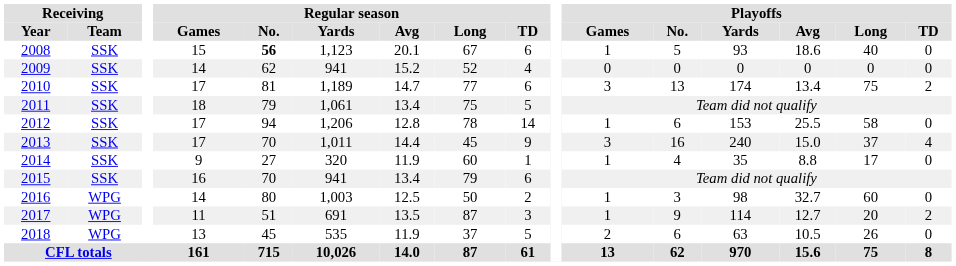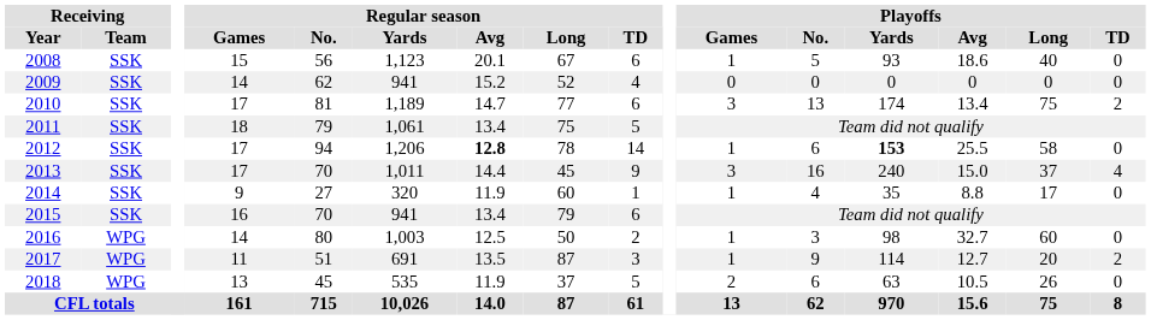 <table BORDER="0" CELLPADDING="1" CELLSPACING="0" width="65%" style="text-align:center">
 <tr bgcolor="#e0e0e0">
 <th colspan="2">Receiving</th>
 <th rowspan="99" bgcolor="#ffffff"> </th>
 <th colspan="6">Regular season</th>
 <th rowspan="99" bgcolor="#ffffff"> </th>
 <th colspan="6">Playoffs</th>
 </tr>
 <tr bgcolor="#e0e0e0">
 <th>Year</th>
 <th>Team</th>
 <th>Games</th>
 <th>No.</th>
 <th>Yards</th>
 <th>Avg</th>
 <th>Long</th>
 <th>TD</th>
 <th>Games</th>
 <th>No.</th>
 <th>Yards</th>
 <th>Avg</th>
 <th>Long</th>
 <th>TD</th>
 </tr>
 <tr ALIGN="center">
 <td><a href='#'>2008</a></td>
 <td><a href='#'>SSK</a></td>
 <td>15</td>
-<td><strong>56</strong></td>
+<td>56</td>
 <td>1,123</td>
 <td>20.1</td>
 <td>67</td>
 <td>6</td>
 <td>1</td>
 <td>5</td>
 <td>93</td>
 <td>18.6</td>
 <td>40</td>
 <td>0</td>
 </tr>
 <tr ALIGN="center" bgcolor="#f0f0f0">
 <td><a href='#'>2009</a></td>
 <td><a href='#'>SSK</a></td>
 <td>14</td>
 <td>62</td>
 <td>941</td>
 <td>15.2</td>
 <td>52</td>
 <td>4</td>
 <td>0</td>
 <td>0</td>
 <td>0</td>
 <td>0</td>
 <td>0</td>
 <td>0</td>
 </tr>
 <tr ALIGN="center">
 <td><a href='#'>2010</a></td>
 <td><a href='#'>SSK</a></td>
 <td>17</td>
 <td>81</td>
 <td>1,189</td>
 <td>14.7</td>
 <td>77</td>
 <td>6</td>
 <td>3</td>
 <td>13</td>
 <td>174</td>
 <td>13.4</td>
 <td>75</td>
 <td>2</td>
 </tr>
 <tr ALIGN="center" bgcolor="#f0f0f0">
 <td><a href='#'>2011</a></td>
 <td><a href='#'>SSK</a></td>
 <td>18</td>
 <td>79</td>
 <td>1,061</td>
 <td>13.4</td>
 <td>75</td>
 <td>5</td>
 <td colspan="6"><em>Team did not qualify</em></td>
 </tr>
 <tr ALIGN="center">
 <td><a href='#'>2012</a></td>
 <td><a href='#'>SSK</a></td>
 <td>17</td>
 <td>94</td>
 <td>1,206</td>
-<td>12.8</td>
+<td><strong>12.8</strong></td>
 <td>78</td>
 <td>14</td>
 <td>1</td>
 <td>6</td>
-<td>153</td>
+<td><strong>153</strong></td>
 <td>25.5</td>
 <td>58</td>
 <td>0</td>
 </tr>
 <tr ALIGN="center" bgcolor="#f0f0f0">
 <td><a href='#'>2013</a></td>
 <td><a href='#'>SSK</a></td>
 <td>17</td>
 <td>70</td>
 <td>1,011</td>
 <td>14.4</td>
 <td>45</td>
 <td>9</td>
 <td>3</td>
 <td>16</td>
 <td>240</td>
 <td>15.0</td>
 <td>37</td>
 <td>4</td>
 </tr>
 <tr ALIGN="center">
 <td><a href='#'>2014</a></td>
 <td><a href='#'>SSK</a></td>
 <td>9</td>
 <td>27</td>
 <td>320</td>
 <td>11.9</td>
 <td>60</td>
 <td>1</td>
 <td>1</td>
 <td>4</td>
 <td>35</td>
 <td>8.8</td>
 <td>17</td>
 <td>0</td>
 </tr>
 <tr ALIGN="center" bgcolor="#f0f0f0">
 <td><a href='#'>2015</a></td>
 <td><a href='#'>SSK</a></td>
 <td>16</td>
 <td>70</td>
 <td>941</td>
 <td>13.4</td>
 <td>79</td>
 <td>6</td>
 <td colspan="6"><em>Team did not qualify</em></td>
 </tr>
 <tr>
 <td><a href='#'>2016</a></td>
 <td><a href='#'>WPG</a></td>
 <td>14</td>
 <td>80</td>
 <td>1,003</td>
 <td>12.5</td>
 <td>50</td>
 <td>2</td>
 <td>1</td>
 <td>3</td>
 <td>98</td>
 <td>32.7</td>
 <td>60</td>
 <td>0</td>
 </tr>
 <tr ALIGN="center" bgcolor="#f0f0f0">
 <td><a href='#'>2017</a></td>
 <td><a href='#'>WPG</a></td>
 <td>11</td>
 <td>51</td>
 <td>691</td>
 <td>13.5</td>
 <td>87</td>
 <td>3</td>
 <td>1</td>
 <td>9</td>
 <td>114</td>
 <td>12.7</td>
 <td>20</td>
 <td>2</td>
 </tr>
 <tr ALIGN="center">
 <td><a href='#'>2018</a></td>
 <td><a href='#'>WPG</a></td>
 <td>13</td>
 <td>45</td>
 <td>535</td>
 <td>11.9</td>
 <td>37</td>
 <td>5</td>
 <td>2</td>
 <td>6</td>
 <td>63</td>
 <td>10.5</td>
 <td>26</td>
 <td>0</td>
 </tr>
 <tr ALIGN="center" bgcolor="#f0f0f0">
 </tr>
 <tr bgcolor="#e0e0e0">
 <th colspan="3"><a href='#'>CFL totals</a></th>
 <th>161</th>
 <th>715</th>
 <th>10,026</th>
 <th>14.0</th>
 <th>87</th>
 <th>61</th>
 <th>13</th>
 <th>62</th>
 <th>970</th>
 <th>15.6</th>
 <th>75</th>
 <th>8</th>
 </tr>
 </table>
